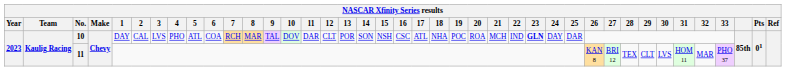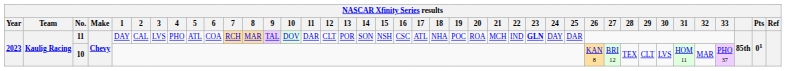 <table class="wikitable" style="text-align:center; font-size:75%">
 <tr>
 <th colspan=40><a href='#'>NASCAR Xfinity Series</a> results</th>
 </tr>
 <tr>
 <th>Year</th>
 <th>Team</th>
 <th>No.</th>
 <th>Make</th>
 <th>1</th>
 <th>2</th>
 <th>3</th>
 <th>4</th>
 <th>5</th>
 <th>6</th>
 <th>7</th>
 <th>8</th>
 <th>9</th>
 <th>10</th>
 <th>11</th>
 <th>12</th>
 <th>13</th>
 <th>14</th>
 <th>15</th>
 <th>16</th>
 <th>17</th>
 <th>18</th>
 <th>19</th>
 <th>20</th>
 <th>21</th>
 <th>22</th>
 <th>23</th>
 <th>24</th>
 <th>25</th>
 <th>26</th>
 <th>27</th>
 <th>28</th>
 <th>29</th>
 <th>30</th>
 <th>31</th>
 <th>32</th>
 <th>33</th>
 <th></th>
 <th>Pts</th>
 <th>Ref</th>
 </tr>
 <tr>
 <th rowspan=2><a href='#'>2023</a></th>
 <th rowspan=2><a href='#'>Kaulig Racing</a></th>
-<th>10</th>
+<th>11</th>
 <th rowspan=2><a href='#'>Chevy</a></th>
 <td><a href='#'>DAY</a></td>
 <td><a href='#'>CAL</a></td>
 <td><a href='#'>LVS</a></td>
 <td><a href='#'>PHO</a></td>
 <td><a href='#'>ATL</a></td>
 <td><a href='#'>COA</a></td>
 <td style="background:#FFDF9F;"><a href='#'>RCH</a><br></td>
 <td style="background:#FFDF9F;"><a href='#'>MAR</a><br></td>
 <td style="background:#EFCFFF;"><a href='#'>TAL</a><br></td>
 <td style="background:#DFFFDF;"><a href='#'>DOV</a><br></td>
 <td><a href='#'>DAR</a></td>
 <td><a href='#'>CLT</a></td>
 <td><a href='#'>POR</a></td>
 <td><a href='#'>SON</a></td>
 <td><a href='#'>NSH</a></td>
 <td><a href='#'>CSC</a></td>
 <td><a href='#'>ATL</a></td>
 <td><a href='#'>NHA</a></td>
 <td><a href='#'>POC</a></td>
 <td><a href='#'>ROA</a></td>
 <td><a href='#'>MCH</a></td>
 <td><a href='#'>IND</a></td>
 <td><strong><a href='#'>GLN</a></strong></td>
 <td><a href='#'>DAY</a></td>
 <td><a href='#'>DAR</a></td>
 <td colspan=8></td>
 <th rowspan=2>85th</th>
 <th rowspan=2>0<sup>1</sup></th>
 <th rowspan=2></th>
 </tr>
 <tr>
-<th>11</th>
+<th>10</th>
 <td colspan=25></td>
 <td style="background:#FFDF9F;"><a href='#'>KAN</a><br><small>8</small></td>
 <td style="background:#DFFFDF;"><a href='#'>BRI</a><br><small>12</small></td>
 <td><a href='#'>TEX</a></td>
 <td><a href='#'>CLT</a></td>
 <td><a href='#'>LVS</a></td>
 <td style="background:#DFFFDF;"><a href='#'>HOM</a><br><small>11</small></td>
 <td><a href='#'>MAR</a></td>
 <td style="background:#EFCFFF;"><a href='#'>PHO</a><br><small>37</small></td>
 </tr>
 </table>
